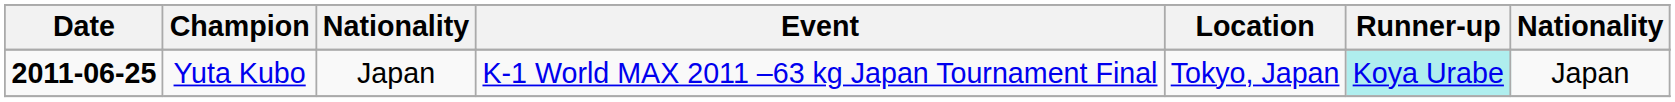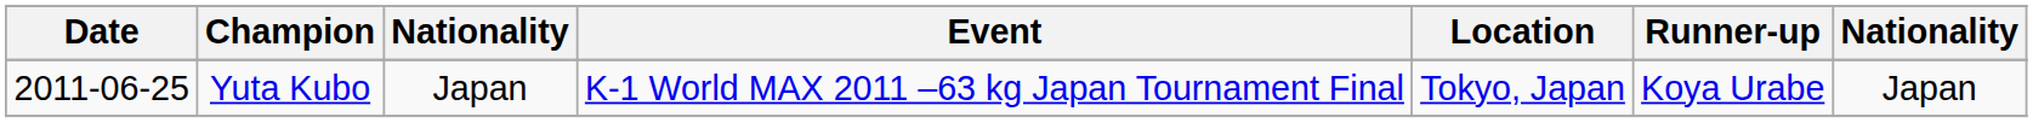 <table class="wikitable" style="text-align:center">
 <tr>
 </tr>
 <tr bgcolor="#dddddd">
 <th>Date</th>
 <th>Champion</th>
 <th>Nationality</th>
 <th>Event</th>
 <th>Location</th>
 <th>Runner-up</th>
 <th>Nationality</th>
 </tr>
 <tr>
 </tr>
 <tr>
-<td><strong>2011-06-25</strong></td>
+<td>2011-06-25</td>
 <td><a href='#'>Yuta Kubo</a></td>
 <td> Japan</td>
 <td><a href='#'>K-1 World MAX 2011 –63 kg Japan Tournament Final</a></td>
 <td><a href='#'>Tokyo, Japan</a></td>
-<td style="background: paleturquoise;"><a href='#'>Koya Urabe</a></td>
+<td><a href='#'>Koya Urabe</a></td>
 <td> Japan</td>
 </tr>
 <tr>
 </tr>
 </table>
